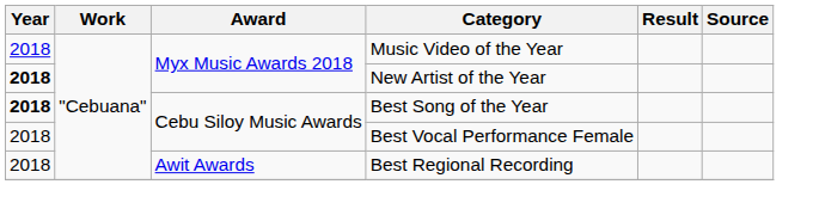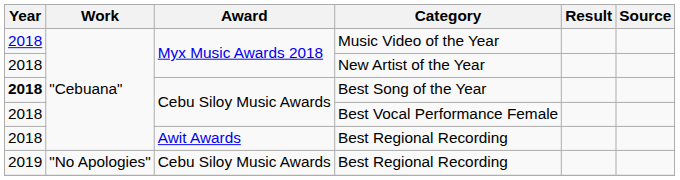 <table class="wikitable">
 <tr>
 <th>Year</th>
 <th>Work</th>
 <th>Award</th>
 <th>Category</th>
 <th>Result</th>
 <th>Source </th>
 </tr>
 <tr>
 <td><a href='#'>2018</a></td>
 <td rowspan = "5">"Cebuana"</td>
 <td rowspan = "2"><a href='#'>Myx Music Awards 2018</a></td>
 <td>Music Video of the Year</td>
 <td></td>
 <td></td>
 </tr>
 <tr>
-<td><strong>2018</strong></td>
+<td>2018</td>
 <td>New Artist of the Year</td>
 <td></td>
 <td></td>
 </tr>
 <tr>
 <td><strong>2018</strong></td>
 <td rowspan = "2">Cebu Siloy Music Awards</td>
 <td>Best Song of the Year</td>
 <td></td>
 <td></td>
 </tr>
 <tr>
 <td>2018</td>
 <td>Best Vocal Performance  Female</td>
 <td></td>
 <td></td>
 </tr>
 <tr>
 <td>2018</td>
 <td><a href='#'>Awit Awards</a></td>
 <td>Best Regional Recording</td>
 <td></td>
 <td></td>
 </tr>
 <tr>
+<td>2019</td>
+<td>"No Apologies"</td>
+<td>Cebu Siloy Music Awards</td>
+<td>Best Regional Recording</td>
+<td></td>
+<td></td>
+</tr>
+<tr>
 </tr>
 </table>
